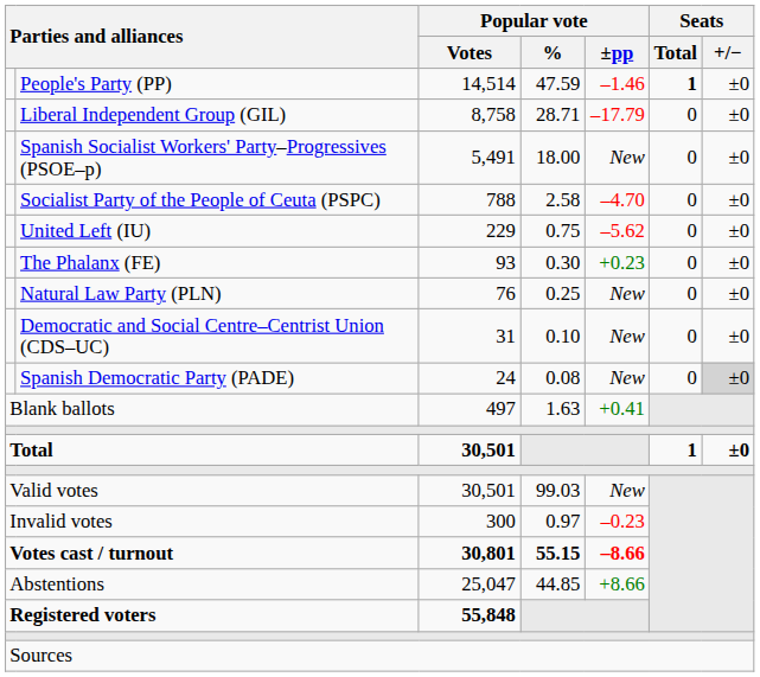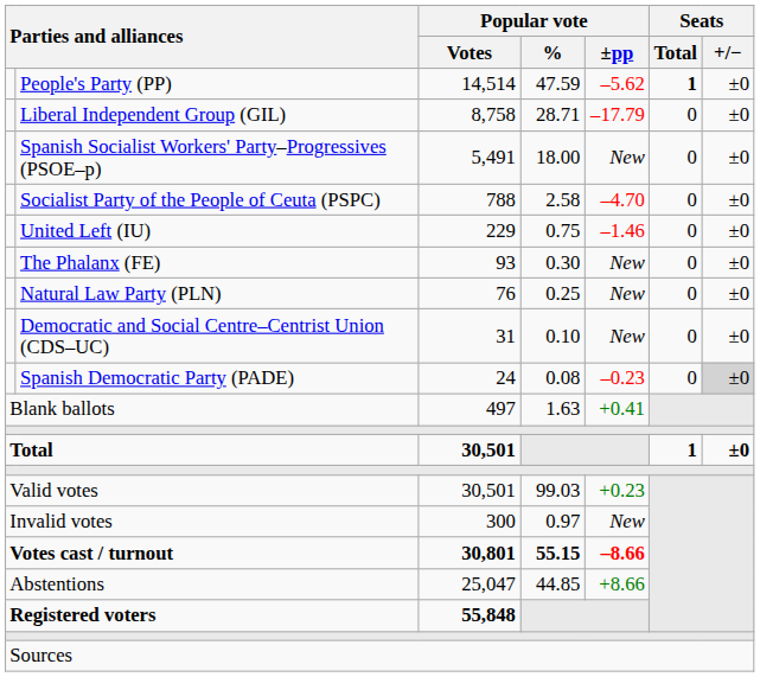 <table class="wikitable" style="text-align:right;">
 <tr>
 <th style="text-align:left;" rowspan="2" colspan="2" width="525">Parties and alliances</th>
 <th colspan="3">Popular vote</th>
 <th colspan="2">Seats</th>
 </tr>
 <tr>
 <th width="75">Votes</th>
 <th width="45">%</th>
 <th width="45">±<a href='#'>pp</a></th>
 <th width="35">Total</th>
 <th width="35">+/−</th>
 </tr>
 <tr>
 <td width="1" style="color:inherit;background:"></td>
 <td align="left"><a href='#'>People's Party</a> (PP)</td>
 <td>14,514</td>
 <td>47.59</td>
-<td style="color:red;">–1.46</td>
+<td style="color:red;">–5.62</td>
 <td><strong>1</strong></td>
 <td>±0</td>
 </tr>
 <tr>
 <td style="color:inherit;background:"></td>
 <td align="left"><a href='#'>Liberal Independent Group</a> (GIL)</td>
 <td>8,758</td>
 <td>28.71</td>
 <td style="color:red;">–17.79</td>
 <td>0</td>
 <td>±0</td>
 </tr>
 <tr>
 <td style="color:inherit;background:"></td>
 <td align="left"><a href='#'>Spanish Socialist Workers' Party</a>–<a href='#'>Progressives</a> (PSOE–p)</td>
 <td>5,491</td>
 <td>18.00</td>
 <td><em>New</em></td>
 <td>0</td>
 <td>±0</td>
 </tr>
 <tr>
 <td style="color:inherit;background:"></td>
 <td align="left"><a href='#'>Socialist Party of the People of Ceuta</a> (PSPC)</td>
 <td>788</td>
 <td>2.58</td>
 <td style="color:red;">–4.70</td>
 <td>0</td>
 <td>±0</td>
 </tr>
 <tr>
 <td style="color:inherit;background:"></td>
 <td align="left"><a href='#'>United Left</a> (IU)</td>
 <td>229</td>
 <td>0.75</td>
-<td style="color:red;">–5.62</td>
+<td style="color:red;">–1.46</td>
 <td>0</td>
 <td>±0</td>
 </tr>
 <tr>
 <td style="color:inherit;background:"></td>
 <td align="left"><a href='#'>The Phalanx</a> (FE)</td>
 <td>93</td>
 <td>0.30</td>
-<td style="color:green;">+0.23</td>
+<td><em>New</em></td>
 <td>0</td>
 <td>±0</td>
 </tr>
 <tr>
 <td style="color:inherit;background:"></td>
 <td align="left"><a href='#'>Natural Law Party</a> (PLN)</td>
 <td>76</td>
 <td>0.25</td>
 <td><em>New</em></td>
 <td>0</td>
 <td>±0</td>
 </tr>
 <tr>
 <td style="color:inherit;background:"></td>
 <td align="left"><a href='#'>Democratic and Social Centre–Centrist Union</a> (CDS–UC)</td>
 <td>31</td>
 <td>0.10</td>
 <td><em>New</em></td>
 <td>0</td>
 <td>±0</td>
 </tr>
 <tr>
 <td style="color:inherit;background:"></td>
 <td align="left"><a href='#'>Spanish Democratic Party</a> (PADE)</td>
 <td>24</td>
 <td>0.08</td>
-<td><em>New</em></td>
+<td style="color:red;">–0.23</td>
 <td>0</td>
 <td style="background: lightgrey;">±0</td>
 </tr>
 <tr>
 <td align="left" colspan="2">Blank ballots</td>
 <td>497</td>
 <td>1.63</td>
 <td style="color:green;">+0.41</td>
 <td bgcolor="#E9E9E9" colspan="2"></td>
 </tr>
 <tr>
 <td colspan="7" bgcolor="#E9E9E9"></td>
 </tr>
 <tr style="font-weight:bold;">
 <td align="left" colspan="2">Total</td>
 <td>30,501</td>
 <td bgcolor="#E9E9E9" colspan="2"></td>
 <td>1</td>
 <td>±0</td>
 </tr>
 <tr>
 <td colspan="7" bgcolor="#E9E9E9"></td>
 </tr>
 <tr>
 <td align="left" colspan="2">Valid votes</td>
 <td>30,501</td>
 <td>99.03</td>
-<td><em>New</em></td>
+<td style="color:green;">+0.23</td>
 <td bgcolor="#E9E9E9" colspan="2" rowspan="5"></td>
 </tr>
 <tr>
 <td align="left" colspan="2">Invalid votes</td>
 <td>300</td>
 <td>0.97</td>
-<td style="color:red;">–0.23</td>
+<td><em>New</em></td>
 </tr>
 <tr style="font-weight:bold;">
 <td align="left" colspan="2">Votes cast / turnout</td>
 <td>30,801</td>
 <td>55.15</td>
 <td style="color:red;">–8.66</td>
 </tr>
 <tr>
 <td align="left" colspan="2">Abstentions</td>
 <td>25,047</td>
 <td>44.85</td>
 <td style="color:green;">+8.66</td>
 </tr>
 <tr style="font-weight:bold;">
 <td align="left" colspan="2">Registered voters</td>
 <td>55,848</td>
 <td bgcolor="#E9E9E9" colspan="2"></td>
 </tr>
 <tr>
 <td colspan="7" bgcolor="#E9E9E9"></td>
 </tr>
 <tr>
 <td align="left" colspan="7">Sources</td>
 </tr>
 </table>
